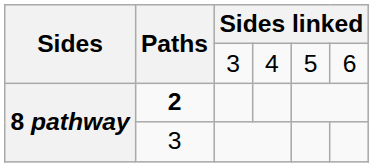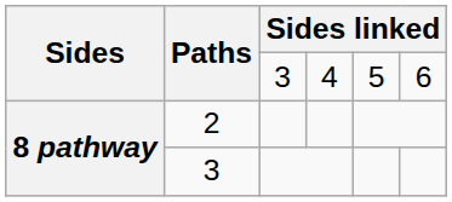 <table class=wikitable style="font-size:100%;text-align:center;">
 <tr>
 <th rowspan=2>Sides</th>
 <th rowspan=2>Paths</th>
 <th colspan=5>Sides linked</th>
 </tr>
 <tr>
 <td>3</td>
 <td>4</td>
 <td>5</td>
 <td>6</td>
 </tr>
 <tr>
 <th rowspan=2>8 <em>pathway</em></th>
-<td><strong>2</strong></td>
+<td>2</td>
 <td></td>
 <td>  </td>
 <td colspan=2> </td>
 </tr>
 <tr>
 <td>3</td>
 <td colspan=2> </td>
 <td></td>
 <td></td>
 </tr>
 </table>
